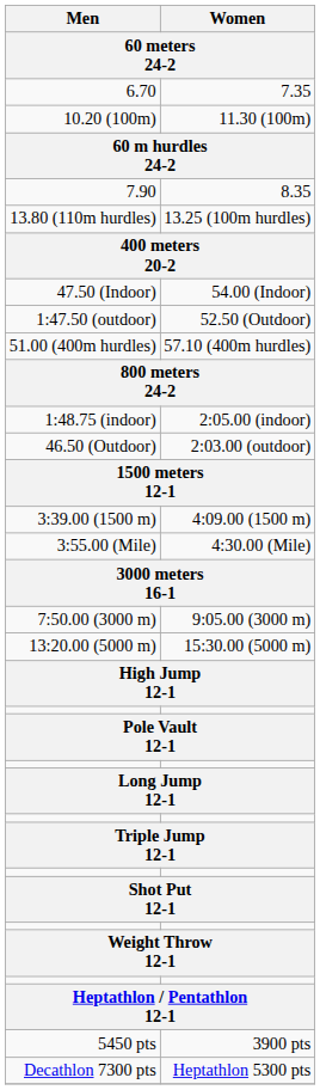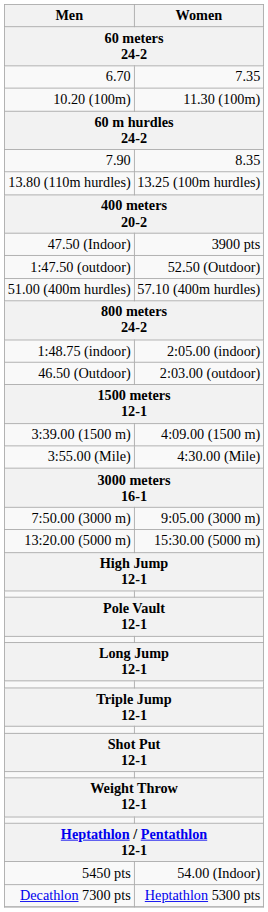 <table class="wikitable sortable collapsible " style="text-align:right;">
 <tr>
 <th>Men</th>
 <th>Women</th>
 </tr>
 <tr>
 <th colspan="2">60 meters<br>24-2</th>
 </tr>
 <tr>
 <td>6.70</td>
 <td>7.35</td>
 </tr>
 <tr>
 <td>10.20 (100m)</td>
 <td>11.30 (100m)</td>
 </tr>
 <tr>
 <th colspan="2">60 m hurdles<br>24-2</th>
 </tr>
 <tr>
 <td>7.90</td>
 <td>8.35</td>
 </tr>
 <tr>
 <td>13.80 (110m hurdles)</td>
 <td>13.25 (100m hurdles)</td>
 </tr>
 <tr>
 <th colspan="2">400 meters<br>20-2</th>
 </tr>
 <tr>
 <td>47.50 (Indoor)</td>
-<td>54.00 (Indoor)</td>
+<td>3900 pts</td>
 </tr>
 <tr>
 <td>1:47.50 (outdoor)</td>
 <td>52.50 (Outdoor)</td>
 </tr>
 <tr>
 <td>51.00 (400m hurdles)</td>
 <td>57.10 (400m hurdles)</td>
 </tr>
 <tr>
 <th colspan="2">800 meters<br>24-2</th>
 </tr>
 <tr>
 <td>1:48.75 (indoor)</td>
 <td>2:05.00 (indoor)</td>
 </tr>
 <tr>
 <td>46.50 (Outdoor)</td>
 <td>2:03.00 (outdoor)</td>
 </tr>
 <tr>
 <th colspan="2">1500 meters<br>12-1</th>
 </tr>
 <tr>
 <td>3:39.00 (1500 m)</td>
 <td>4:09.00 (1500 m)</td>
 </tr>
 <tr>
 <td>3:55.00 (Mile)</td>
 <td>4:30.00 (Mile)</td>
 </tr>
 <tr>
 <th colspan="2">3000 meters<br>16-1</th>
 </tr>
 <tr>
 <td>7:50.00 (3000 m)</td>
 <td>9:05.00 (3000 m)</td>
 </tr>
 <tr>
 <td>13:20.00  (5000 m)</td>
 <td>15:30.00 (5000 m)</td>
 </tr>
 <tr>
 <th colspan="2">High Jump<br>12-1</th>
 </tr>
 <tr>
 <td></td>
 <td></td>
 </tr>
 <tr>
 <th colspan="2">Pole Vault<br>12-1</th>
 </tr>
 <tr>
 <td></td>
 <td></td>
 </tr>
 <tr>
 <th colspan="2">Long Jump<br>12-1</th>
 </tr>
 <tr>
 <td></td>
 <td></td>
 </tr>
 <tr>
 <th colspan="2">Triple Jump<br>12-1</th>
 </tr>
 <tr>
 <td></td>
 <td></td>
 </tr>
 <tr>
 <th colspan="2">Shot Put<br>12-1</th>
 </tr>
 <tr>
 <td></td>
 <td></td>
 </tr>
 <tr>
 <th colspan="2">Weight Throw<br>12-1</th>
 </tr>
 <tr>
 <td></td>
 <td></td>
 </tr>
 <tr>
 <th colspan="2"><a href='#'>Heptathlon</a> / <a href='#'>Pentathlon</a><br>12-1</th>
 </tr>
 <tr>
 <td>5450 pts</td>
-<td>3900 pts</td>
+<td>54.00 (Indoor)</td>
 </tr>
 <tr>
 <td><a href='#'>Decathlon</a> 7300 pts</td>
 <td><a href='#'>Heptathlon</a> 5300 pts</td>
 </tr>
 <tr>
 </tr>
 </table>
